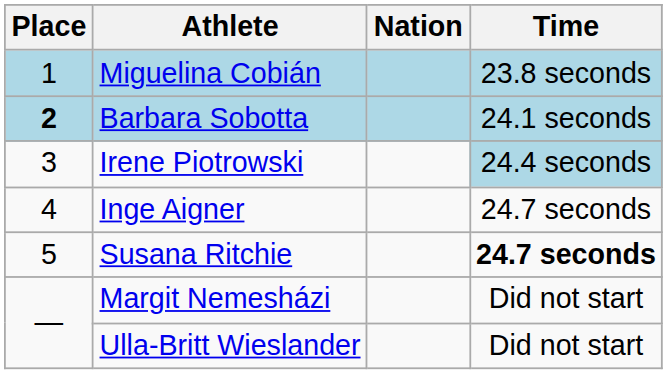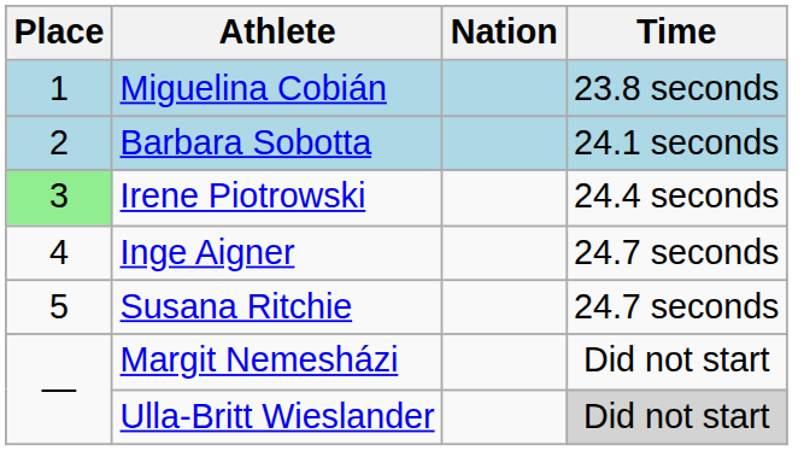 <table class=wikitable>
 <tr>
 <th>Place</th>
 <th>Athlete</th>
 <th>Nation</th>
 <th>Time</th>
 </tr>
 <tr align=center bgcolor=lightblue>
 <td>1</td>
 <td align=left><a href='#'>Miguelina Cobián</a></td>
 <td align=left></td>
 <td>23.8 seconds</td>
 </tr>
 <tr align=center bgcolor=lightblue>
-<td><strong>2</strong></td>
+<td>2</td>
 <td align=left><a href='#'>Barbara Sobotta</a></td>
 <td align=left></td>
 <td>24.1 seconds</td>
 </tr>
 <tr align=center>
-<td>3</td>
+<td style="background: lightgreen;">3</td>
 <td align=left><a href='#'>Irene Piotrowski</a></td>
 <td align=left></td>
-<td style="background: lightblue;">24.4 seconds</td>
+<td>24.4 seconds</td>
 </tr>
 <tr align=center>
 <td>4</td>
 <td align=left><a href='#'>Inge Aigner</a></td>
 <td align=left></td>
 <td>24.7 seconds</td>
 </tr>
 <tr align=center>
 <td>5</td>
 <td align=left><a href='#'>Susana Ritchie</a></td>
 <td align=left></td>
-<td><strong>24.7 seconds</strong></td>
+<td>24.7 seconds</td>
 </tr>
 <tr align=center>
 <td rowspan=2>—</td>
 <td align=left><a href='#'>Margit Nemesházi</a></td>
 <td align=left></td>
 <td>Did not start</td>
 </tr>
 <tr align=center>
 <td align=left><a href='#'>Ulla-Britt Wieslander</a></td>
 <td align=left></td>
-<td>Did not start</td>
+<td style="background: lightgrey;">Did not start</td>
 </tr>
 </table>
